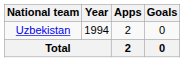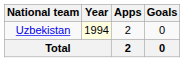 <table class="wikitable" style="text-align:center">
 <tr>
 <th>National team</th>
 <th>Year</th>
 <th>Apps</th>
 <th>Goals</th>
 </tr>
 <tr>
 <td><a href='#'>Uzbekistan</a></td>
-<td>1994</td>
+<td style="background: lightyellow;">1994</td>
 <td>2</td>
 <td>0</td>
 </tr>
 <tr>
 <th colspan="2">Total</th>
 <th>2</th>
 <th>0</th>
 </tr>
 </table>
